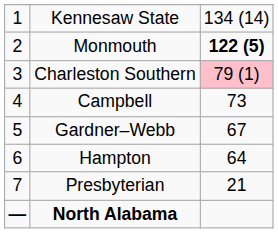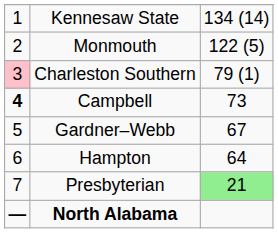 <table class="wikitable">
 <tr align="center">
 </tr>
 <tr align="center">
 <td>1</td>
 <td>Kennesaw State</td>
 <td>134 (14)</td>
 </tr>
 <tr align="center">
 <td>2</td>
 <td>Monmouth</td>
-<td><strong>122 (5)</strong></td>
+<td>122 (5)</td>
 </tr>
 <tr align="center">
-<td>3</td>
+<td style="background: pink;">3</td>
 <td>Charleston Southern</td>
-<td style="background: pink;">79 (1)</td>
+<td>79 (1)</td>
 </tr>
 <tr align="center">
-<td>4</td>
+<td><strong>4</strong></td>
 <td>Campbell</td>
 <td>73</td>
 </tr>
 <tr align="center">
 <td>5</td>
 <td>Gardner–Webb</td>
 <td>67</td>
 </tr>
 <tr align="center">
 <td>6</td>
 <td>Hampton</td>
 <td>64</td>
 </tr>
 <tr align="center">
 <td>7</td>
 <td>Presbyterian</td>
-<td>21</td>
+<td style="background: lightgreen;">21</td>
 </tr>
 <tr align="center">
 <td><strong>—</strong></td>
 <td><strong>North Alabama</strong></td>
 <td><strong></strong></td>
 </tr>
 </table>
